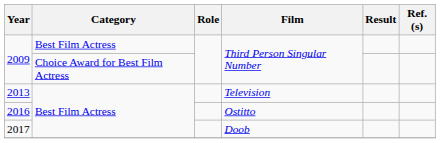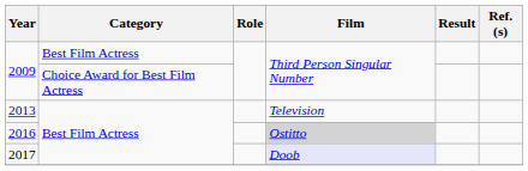 <table class="wikitable sortable">
 <tr style="text-align:center;">
 <th>Year</th>
 <th>Category</th>
 <th>Role</th>
 <th>Film</th>
 <th>Result</th>
 <th>Ref.(s)</th>
 </tr>
 <tr>
 <td rowspan="2"><a href='#'>2009</a></td>
 <td><a href='#'>Best Film Actress</a></td>
 <td rowspan="2"></td>
 <td rowspan="2"><em><a href='#'>Third Person Singular Number</a></em></td>
 <td></td>
 <td></td>
 </tr>
 <tr>
 <td><a href='#'>Choice Award for Best Film Actress</a></td>
 <td></td>
 <td></td>
 </tr>
 <tr>
 <td><a href='#'>2013</a></td>
 <td rowspan="3"><a href='#'>Best Film Actress</a></td>
 <td></td>
 <td><em><a href='#'>Television</a></em></td>
 <td></td>
 <td></td>
 </tr>
 <tr>
 <td><a href='#'>2016</a></td>
 <td></td>
-<td><em><a href='#'>Ostitto</a></em></td>
+<td style="background: lightgrey;"><em><a href='#'>Ostitto</a></em></td>
 <td></td>
 <td></td>
 </tr>
 <tr>
 <td>2017</td>
 <td></td>
-<td><em><a href='#'>Doob</a></em></td>
+<td style="background: lavender;"><em><a href='#'>Doob</a></em></td>
 <td></td>
 <td></td>
 </tr>
 <tr>
 </tr>
 </table>
